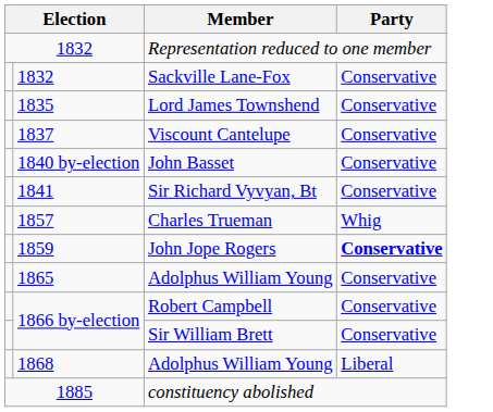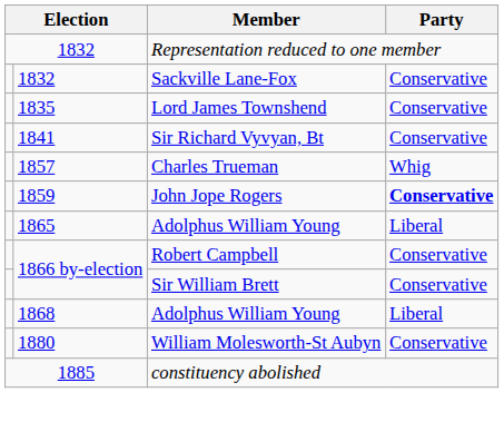 <table class="wikitable">
 <tr>
 <th colspan="2">Election</th>
 <th>Member</th>
 <th>Party</th>
 </tr>
 <tr>
 <td colspan="2" style="text-align:center;"><a href='#'>1832</a></td>
 <td colspan="2"><em>Representation reduced to one member</em></td>
 </tr>
 <tr>
 <td style="color:inherit;background-color: "></td>
 <td><a href='#'>1832</a></td>
 <td><a href='#'>Sackville Lane-Fox</a></td>
 <td><a href='#'>Conservative</a></td>
 </tr>
 <tr>
 <td style="color:inherit;background-color: "></td>
 <td><a href='#'>1835</a></td>
 <td><a href='#'>Lord James Townshend</a></td>
 <td><a href='#'>Conservative</a></td>
 </tr>
 <tr>
 <td style="color:inherit;background-color: "></td>
-<td><a href='#'>1837</a></td>
-<td><a href='#'>Viscount Cantelupe</a></td>
-<td><a href='#'>Conservative</a></td>
-</tr>
-<tr>
-<td style="color:inherit;background-color: "></td>
-<td><a href='#'>1840 by-election</a></td>
-<td><a href='#'>John Basset</a></td>
-<td><a href='#'>Conservative</a></td>
-</tr>
-<tr>
-<td style="color:inherit;background-color: "></td>
 <td><a href='#'>1841</a></td>
 <td><a href='#'>Sir Richard Vyvyan, Bt</a></td>
 <td><a href='#'>Conservative</a></td>
 </tr>
 <tr>
 <td style="color:inherit;background-color: "></td>
 <td><a href='#'>1857</a></td>
 <td><a href='#'>Charles Trueman</a></td>
 <td><a href='#'>Whig</a></td>
 </tr>
 <tr>
 <td style="color:inherit;background-color: "></td>
 <td><a href='#'>1859</a></td>
 <td><a href='#'>John Jope Rogers</a></td>
 <td><strong><a href='#'>Conservative</a></strong></td>
 </tr>
 <tr>
 <td style="color:inherit;background-color: "></td>
 <td><a href='#'>1865</a></td>
 <td><a href='#'>Adolphus William Young</a></td>
-<td><a href='#'>Conservative</a></td>
+<td><a href='#'>Liberal</a></td>
 </tr>
 <tr>
 <td style="color:inherit;background-color: "></td>
 <td rowspan="2"><a href='#'>1866 by-election</a></td>
 <td><a href='#'>Robert Campbell</a></td>
 <td><a href='#'>Conservative</a></td>
 </tr>
 <tr>
 <td style="color:inherit;background-color: "></td>
 <td><a href='#'>Sir William Brett</a></td>
 <td><a href='#'>Conservative</a></td>
 </tr>
 <tr>
 <td style="color:inherit;background-color: "></td>
 <td><a href='#'>1868</a></td>
 <td><a href='#'>Adolphus William Young</a></td>
 <td><a href='#'>Liberal</a></td>
 </tr>
 <tr>
+<td style="color:inherit;background-color: "></td>
+<td><a href='#'>1880</a></td>
+<td><a href='#'>William Molesworth-St Aubyn</a></td>
+<td><a href='#'>Conservative</a></td>
+</tr>
+<tr>
 <td colspan="2" style="text-align:center;"><a href='#'>1885</a></td>
 <td colspan="2"><em>constituency abolished</em></td>
 </tr>
 </table>
